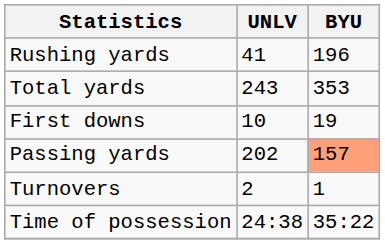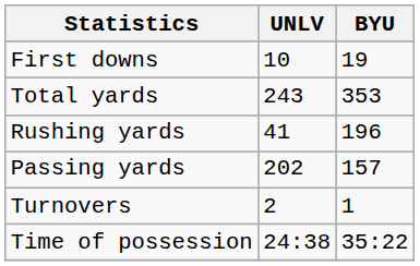 <table class="wikitable">
 <tr>
 <th>Statistics</th>
 <th>UNLV</th>
 <th>BYU</th>
 </tr>
 <tr>
-<td>Rushing yards</td>
-<td>41</td>
-<td>196</td>
+<td>First downs</td>
+<td>10</td>
+<td>19</td>
 </tr>
 <tr>
 <td>Total yards</td>
 <td>243</td>
 <td>353</td>
 </tr>
 <tr>
-<td>First downs</td>
-<td>10</td>
-<td>19</td>
+<td>Rushing yards</td>
+<td>41</td>
+<td>196</td>
 </tr>
 <tr>
 <td>Passing yards</td>
 <td>202</td>
-<td style="background: lightsalmon;">157</td>
+<td>157</td>
 </tr>
 <tr>
 <td>Turnovers</td>
 <td>2</td>
 <td>1</td>
 </tr>
 <tr>
 <td>Time of possession</td>
 <td>24:38</td>
 <td>35:22</td>
 </tr>
 <tr>
 </tr>
 </table>
